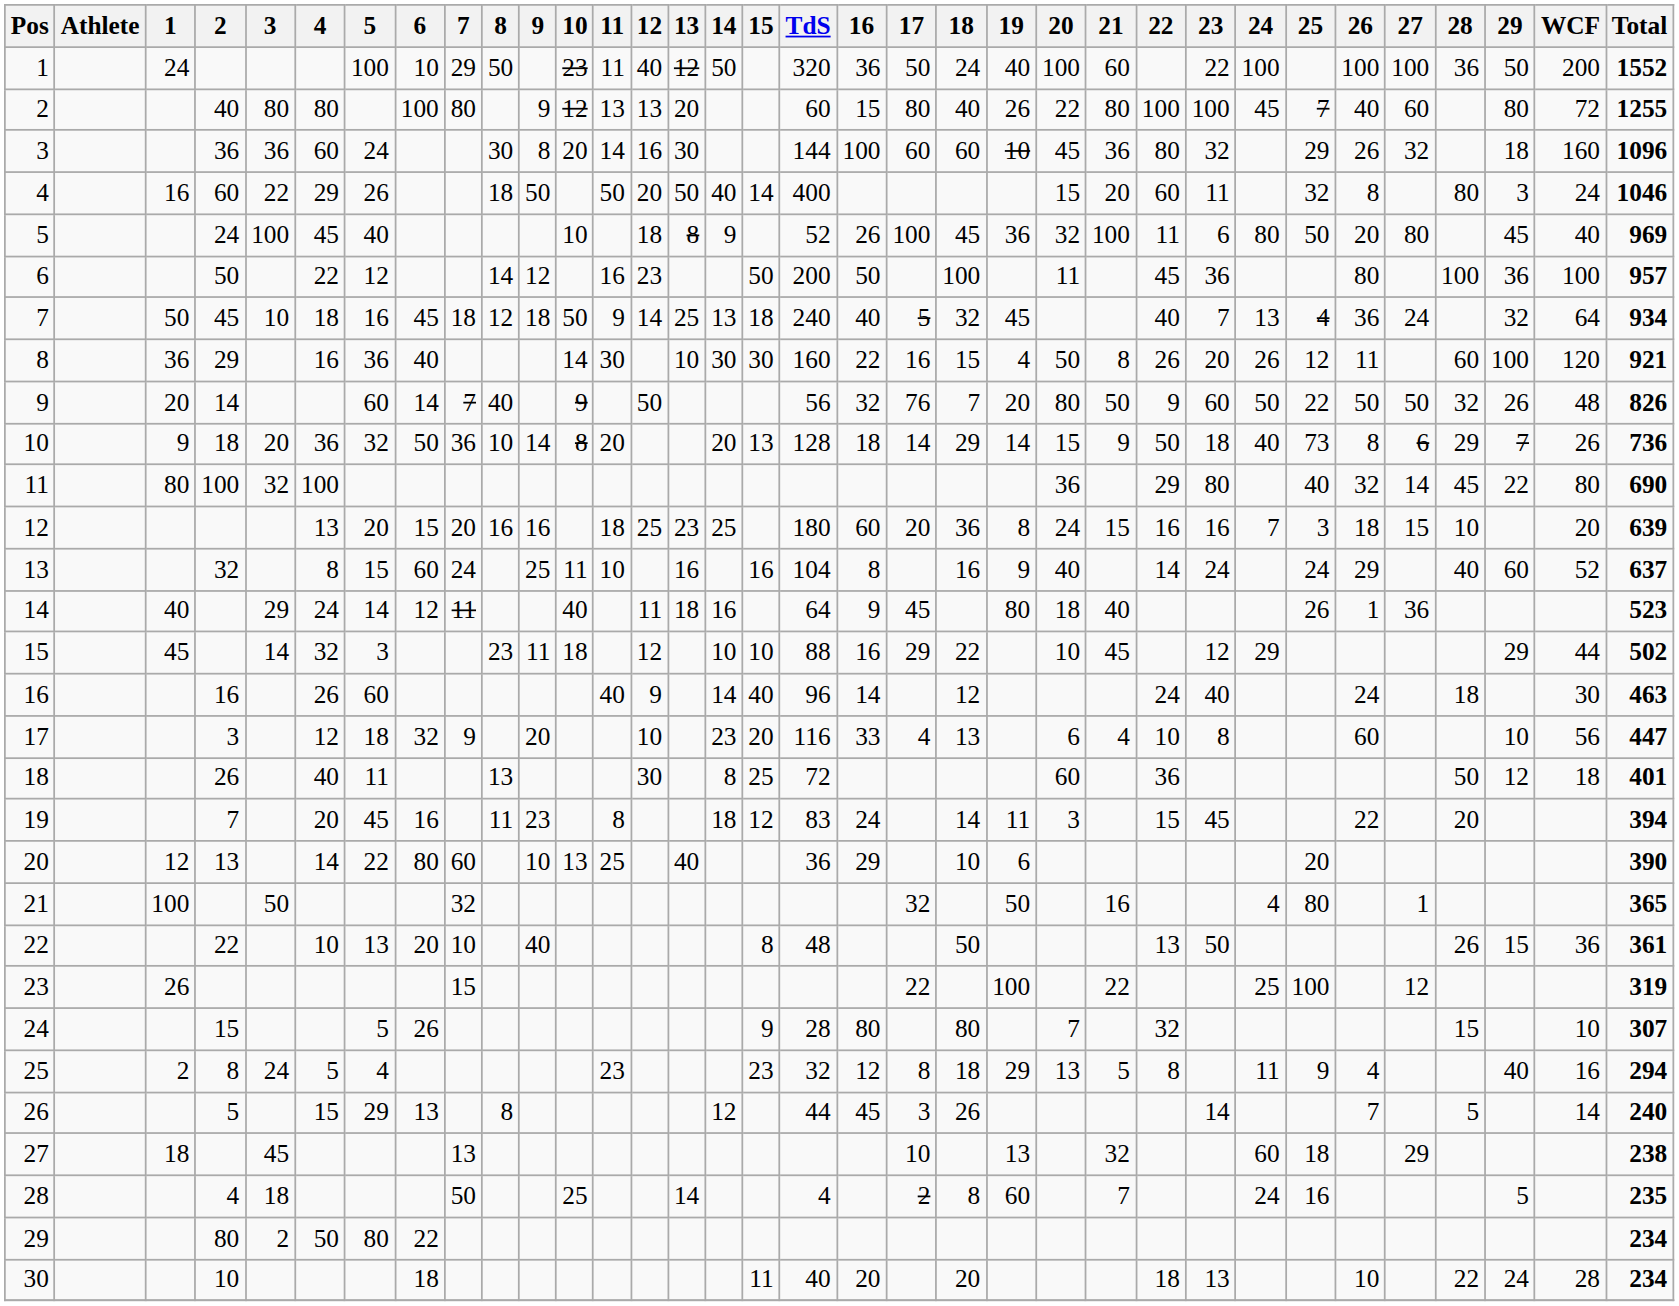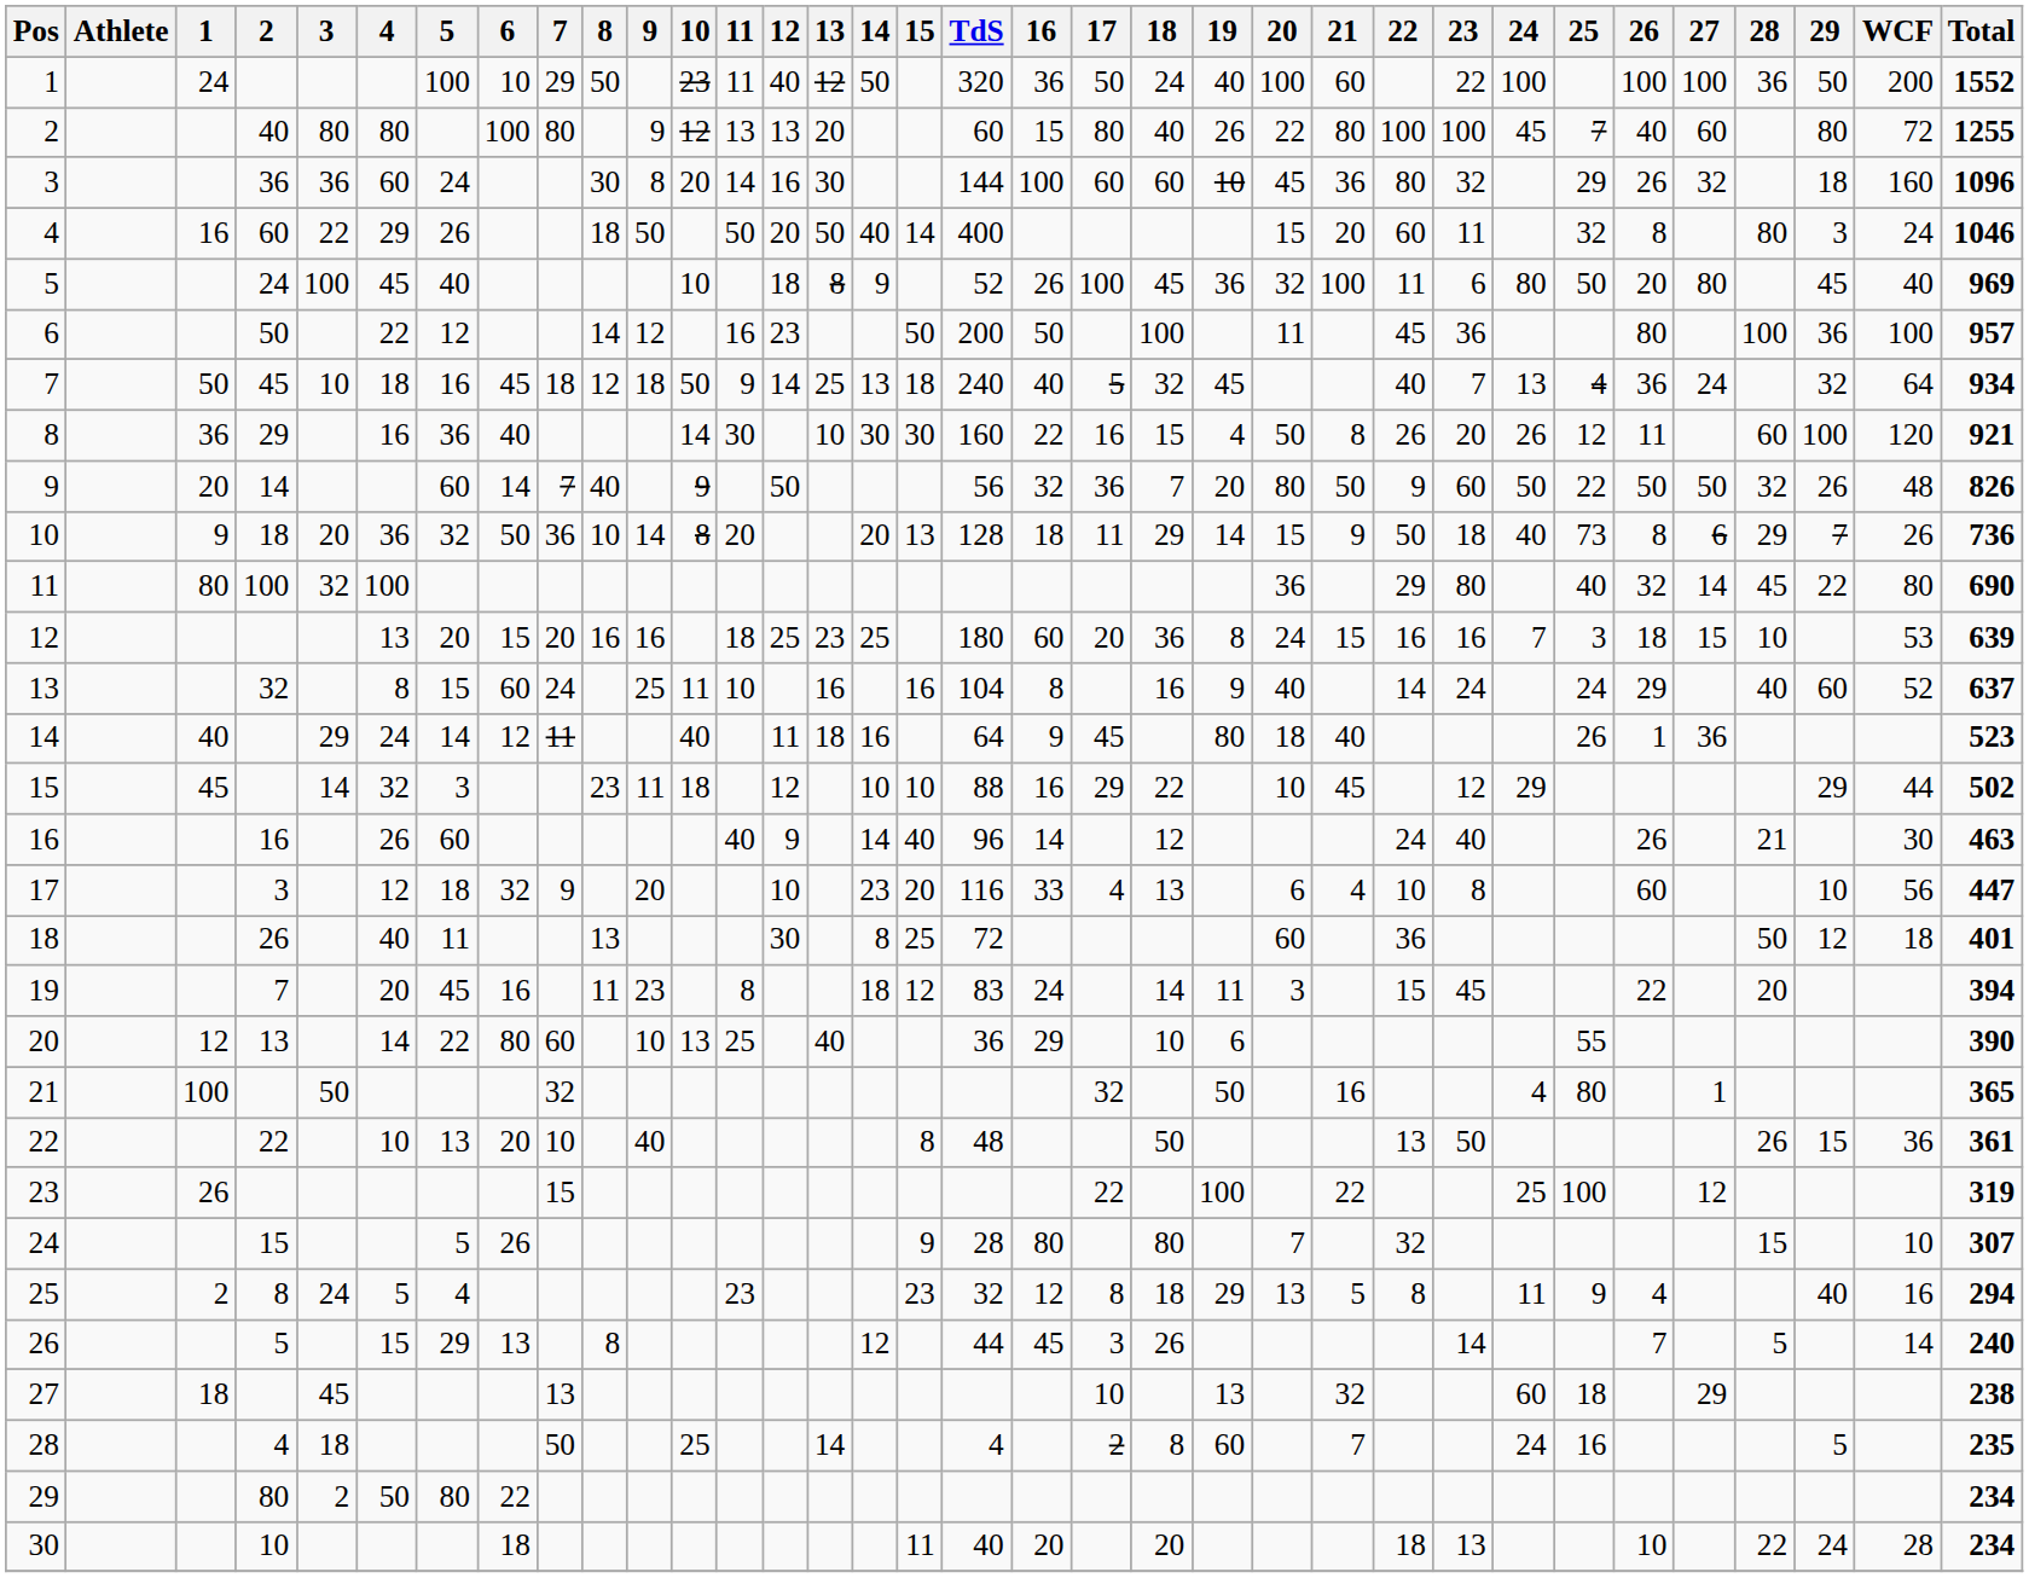 <table class="wikitable" style="font-size: 90%">
 <tr align="right">
 <th>Pos</th>
 <th>Athlete</th>
 <th>1</th>
 <th>2</th>
 <th>3</th>
 <th>4</th>
 <th>5</th>
 <th>6</th>
 <th>7</th>
 <th>8</th>
 <th>9</th>
 <th>10</th>
 <th>11</th>
 <th>12</th>
 <th>13</th>
 <th>14</th>
 <th>15</th>
 <th><a href='#'>TdS</a></th>
 <th>16</th>
 <th>17</th>
 <th>18</th>
 <th>19</th>
 <th>20</th>
 <th>21</th>
 <th>22</th>
 <th>23</th>
 <th>24</th>
 <th>25</th>
 <th>26</th>
 <th>27</th>
 <th>28</th>
 <th>29</th>
 <th>WCF</th>
 <th>Total</th>
 </tr>
 <tr align="right">
 <td>1</td>
 <td align="left"></td>
 <td>24</td>
 <td></td>
 <td></td>
 <td></td>
 <td>100</td>
 <td>10</td>
 <td>29</td>
 <td>50</td>
 <td></td>
 <td><s>23</s></td>
 <td>11</td>
 <td>40</td>
 <td><s>12</s></td>
 <td>50</td>
 <td></td>
 <td>320</td>
 <td>36</td>
 <td>50</td>
 <td>24</td>
 <td>40</td>
 <td>100</td>
 <td>60</td>
 <td></td>
 <td>22</td>
 <td>100</td>
 <td></td>
 <td>100</td>
 <td>100</td>
 <td>36</td>
 <td>50</td>
 <td>200</td>
 <td><strong>1552</strong></td>
 </tr>
 <tr align="right">
 <td>2</td>
 <td align="left"></td>
 <td></td>
 <td>40</td>
 <td>80</td>
 <td>80</td>
 <td></td>
 <td>100</td>
 <td>80</td>
 <td></td>
 <td>9</td>
 <td><s>12</s></td>
 <td>13</td>
 <td>13</td>
 <td>20</td>
 <td></td>
 <td></td>
 <td>60</td>
 <td>15</td>
 <td>80</td>
 <td>40</td>
 <td>26</td>
 <td>22</td>
 <td>80</td>
 <td>100</td>
 <td>100</td>
 <td>45</td>
 <td><s>7</s></td>
 <td>40</td>
 <td>60</td>
 <td></td>
 <td>80</td>
 <td>72</td>
 <td><strong>1255</strong></td>
 </tr>
 <tr align="right">
 <td>3</td>
 <td align="left"></td>
 <td></td>
 <td>36</td>
 <td>36</td>
 <td>60</td>
 <td>24</td>
 <td></td>
 <td></td>
 <td>30</td>
 <td>8</td>
 <td>20</td>
 <td>14</td>
 <td>16</td>
 <td>30</td>
 <td></td>
 <td></td>
 <td>144</td>
 <td>100</td>
 <td>60</td>
 <td>60</td>
 <td><s>10</s></td>
 <td>45</td>
 <td>36</td>
 <td>80</td>
 <td>32</td>
 <td></td>
 <td>29</td>
 <td>26</td>
 <td>32</td>
 <td></td>
 <td>18</td>
 <td>160</td>
 <td><strong>1096</strong></td>
 </tr>
 <tr align="right">
 <td>4</td>
 <td align="left"></td>
 <td>16</td>
 <td>60</td>
 <td>22</td>
 <td>29</td>
 <td>26</td>
 <td></td>
 <td></td>
 <td>18</td>
 <td>50</td>
 <td></td>
 <td>50</td>
 <td>20</td>
 <td>50</td>
 <td>40</td>
 <td>14</td>
 <td>400</td>
 <td></td>
 <td></td>
 <td></td>
 <td></td>
 <td>15</td>
 <td>20</td>
 <td>60</td>
 <td>11</td>
 <td></td>
 <td>32</td>
 <td>8</td>
 <td></td>
 <td>80</td>
 <td>3</td>
 <td>24</td>
 <td><strong>1046</strong></td>
 </tr>
 <tr align="right">
 <td>5</td>
 <td align="left"></td>
 <td></td>
 <td>24</td>
 <td>100</td>
 <td>45</td>
 <td>40</td>
 <td></td>
 <td></td>
 <td></td>
 <td></td>
 <td>10</td>
 <td></td>
 <td>18</td>
 <td><s>8</s></td>
 <td>9</td>
 <td></td>
 <td>52</td>
 <td>26</td>
 <td>100</td>
 <td>45</td>
 <td>36</td>
 <td>32</td>
 <td>100</td>
 <td>11</td>
 <td>6</td>
 <td>80</td>
 <td>50</td>
 <td>20</td>
 <td>80</td>
 <td></td>
 <td>45</td>
 <td>40</td>
 <td><strong>969</strong></td>
 </tr>
 <tr align="right">
 <td>6</td>
 <td align="left"></td>
 <td></td>
 <td>50</td>
 <td></td>
 <td>22</td>
 <td>12</td>
 <td></td>
 <td></td>
 <td>14</td>
 <td>12</td>
 <td></td>
 <td>16</td>
 <td>23</td>
 <td></td>
 <td></td>
 <td>50</td>
 <td>200</td>
 <td>50</td>
 <td></td>
 <td>100</td>
 <td></td>
 <td>11</td>
 <td></td>
 <td>45</td>
 <td>36</td>
 <td></td>
 <td></td>
 <td>80</td>
 <td></td>
 <td>100</td>
 <td>36</td>
 <td>100</td>
 <td><strong>957</strong></td>
 </tr>
 <tr align="right">
 <td>7</td>
 <td align="left"></td>
 <td>50</td>
 <td>45</td>
 <td>10</td>
 <td>18</td>
 <td>16</td>
 <td>45</td>
 <td>18</td>
 <td>12</td>
 <td>18</td>
 <td>50</td>
 <td>9</td>
 <td>14</td>
 <td>25</td>
 <td>13</td>
 <td>18</td>
 <td>240</td>
 <td>40</td>
 <td><s>5</s></td>
 <td>32</td>
 <td>45</td>
 <td></td>
 <td></td>
 <td>40</td>
 <td>7</td>
 <td>13</td>
 <td><s>4</s></td>
 <td>36</td>
 <td>24</td>
 <td></td>
 <td>32</td>
 <td>64</td>
 <td><strong>934</strong></td>
 </tr>
 <tr align="right">
 <td>8</td>
 <td align="left"></td>
 <td>36</td>
 <td>29</td>
 <td></td>
 <td>16</td>
 <td>36</td>
 <td>40</td>
 <td></td>
 <td></td>
 <td></td>
 <td>14</td>
 <td>30</td>
 <td></td>
 <td>10</td>
 <td>30</td>
 <td>30</td>
 <td>160</td>
 <td>22</td>
 <td>16</td>
 <td>15</td>
 <td>4</td>
 <td>50</td>
 <td>8</td>
 <td>26</td>
 <td>20</td>
 <td>26</td>
 <td>12</td>
 <td>11</td>
 <td></td>
 <td>60</td>
 <td>100</td>
 <td>120</td>
 <td><strong>921</strong></td>
 </tr>
 <tr align="right">
 <td>9</td>
 <td align="left"></td>
 <td>20</td>
 <td>14</td>
 <td></td>
 <td></td>
 <td>60</td>
 <td>14</td>
 <td><s>7</s></td>
 <td>40</td>
 <td></td>
 <td><s>9</s></td>
 <td></td>
 <td>50</td>
 <td></td>
 <td></td>
 <td></td>
 <td>56</td>
 <td>32</td>
-<td>76</td>
+<td>36</td>
 <td>7</td>
 <td>20</td>
 <td>80</td>
 <td>50</td>
 <td>9</td>
 <td>60</td>
 <td>50</td>
 <td>22</td>
 <td>50</td>
 <td>50</td>
 <td>32</td>
 <td>26</td>
 <td>48</td>
 <td><strong>826</strong></td>
 </tr>
 <tr align="right">
 <td>10</td>
 <td align="left"></td>
 <td>9</td>
 <td>18</td>
 <td>20</td>
 <td>36</td>
 <td>32</td>
 <td>50</td>
 <td>36</td>
 <td>10</td>
 <td>14</td>
 <td><s>8</s></td>
 <td>20</td>
 <td></td>
 <td></td>
 <td>20</td>
 <td>13</td>
 <td>128</td>
 <td>18</td>
-<td>14</td>
+<td>11</td>
 <td>29</td>
 <td>14</td>
 <td>15</td>
 <td>9</td>
 <td>50</td>
 <td>18</td>
 <td>40</td>
 <td>73</td>
 <td>8</td>
 <td><s>6</s></td>
 <td>29</td>
 <td><s>7</s></td>
 <td>26</td>
 <td><strong>736</strong></td>
 </tr>
 <tr align="right">
 <td>11</td>
 <td align="left"></td>
 <td>80</td>
 <td>100</td>
 <td>32</td>
 <td>100</td>
 <td></td>
 <td></td>
 <td></td>
 <td></td>
 <td></td>
 <td></td>
 <td></td>
 <td></td>
 <td></td>
 <td></td>
 <td></td>
 <td></td>
 <td></td>
 <td></td>
 <td></td>
 <td></td>
 <td>36</td>
 <td></td>
 <td>29</td>
 <td>80</td>
 <td></td>
 <td>40</td>
 <td>32</td>
 <td>14</td>
 <td>45</td>
 <td>22</td>
 <td>80</td>
 <td><strong>690</strong></td>
 </tr>
 <tr align="right">
 <td>12</td>
 <td align="left"></td>
 <td></td>
 <td></td>
 <td></td>
 <td>13</td>
 <td>20</td>
 <td>15</td>
 <td>20</td>
 <td>16</td>
 <td>16</td>
 <td></td>
 <td>18</td>
 <td>25</td>
 <td>23</td>
 <td>25</td>
 <td></td>
 <td>180</td>
 <td>60</td>
 <td>20</td>
 <td>36</td>
 <td>8</td>
 <td>24</td>
 <td>15</td>
 <td>16</td>
 <td>16</td>
 <td>7</td>
 <td>3</td>
 <td>18</td>
 <td>15</td>
 <td>10</td>
 <td></td>
-<td>20</td>
+<td>53</td>
 <td><strong>639</strong></td>
 </tr>
 <tr align="right">
 <td>13</td>
 <td align="left"></td>
 <td></td>
 <td>32</td>
 <td></td>
 <td>8</td>
 <td>15</td>
 <td>60</td>
 <td>24</td>
 <td></td>
 <td>25</td>
 <td>11</td>
 <td>10</td>
 <td></td>
 <td>16</td>
 <td></td>
 <td>16</td>
 <td>104</td>
 <td>8</td>
 <td></td>
 <td>16</td>
 <td>9</td>
 <td>40</td>
 <td></td>
 <td>14</td>
 <td>24</td>
 <td></td>
 <td>24</td>
 <td>29</td>
 <td></td>
 <td>40</td>
 <td>60</td>
 <td>52</td>
 <td><strong>637</strong></td>
 </tr>
 <tr align="right">
 <td>14</td>
 <td align="left"></td>
 <td>40</td>
 <td></td>
 <td>29</td>
 <td>24</td>
 <td>14</td>
 <td>12</td>
 <td><s>11</s></td>
 <td></td>
 <td></td>
 <td>40</td>
 <td></td>
 <td>11</td>
 <td>18</td>
 <td>16</td>
 <td></td>
 <td>64</td>
 <td>9</td>
 <td>45</td>
 <td></td>
 <td>80</td>
 <td>18</td>
 <td>40</td>
 <td></td>
 <td></td>
 <td></td>
 <td>26</td>
 <td>1</td>
 <td>36</td>
 <td></td>
 <td></td>
 <td></td>
 <td><strong>523</strong></td>
 </tr>
 <tr align="right">
 <td>15</td>
 <td align="left"></td>
 <td>45</td>
 <td></td>
 <td>14</td>
 <td>32</td>
 <td>3</td>
 <td></td>
 <td></td>
 <td>23</td>
 <td>11</td>
 <td>18</td>
 <td></td>
 <td>12</td>
 <td></td>
 <td>10</td>
 <td>10</td>
 <td>88</td>
 <td>16</td>
 <td>29</td>
 <td>22</td>
 <td></td>
 <td>10</td>
 <td>45</td>
 <td></td>
 <td>12</td>
 <td>29</td>
 <td></td>
 <td></td>
 <td></td>
 <td></td>
 <td>29</td>
 <td>44</td>
 <td><strong>502</strong></td>
 </tr>
 <tr align="right">
 <td>16</td>
 <td align="left"></td>
 <td></td>
 <td>16</td>
 <td></td>
 <td>26</td>
 <td>60</td>
 <td></td>
 <td></td>
 <td></td>
 <td></td>
 <td></td>
 <td>40</td>
 <td>9</td>
 <td></td>
 <td>14</td>
 <td>40</td>
 <td>96</td>
 <td>14</td>
 <td></td>
 <td>12</td>
 <td></td>
 <td></td>
 <td></td>
 <td>24</td>
 <td>40</td>
 <td></td>
 <td></td>
-<td>24</td>
+<td>26</td>
 <td></td>
-<td>18</td>
+<td>21</td>
 <td></td>
 <td>30</td>
 <td><strong>463</strong></td>
 </tr>
 <tr align="right">
 <td>17</td>
 <td align="left"></td>
 <td></td>
 <td>3</td>
 <td></td>
 <td>12</td>
 <td>18</td>
 <td>32</td>
 <td>9</td>
 <td></td>
 <td>20</td>
 <td></td>
 <td></td>
 <td>10</td>
 <td></td>
 <td>23</td>
 <td>20</td>
 <td>116</td>
 <td>33</td>
 <td>4</td>
 <td>13</td>
 <td></td>
 <td>6</td>
 <td>4</td>
 <td>10</td>
 <td>8</td>
 <td></td>
 <td></td>
 <td>60</td>
 <td></td>
 <td></td>
 <td>10</td>
 <td>56</td>
 <td><strong>447</strong></td>
 </tr>
 <tr align="right">
 <td>18</td>
 <td align="left"></td>
 <td></td>
 <td>26</td>
 <td></td>
 <td>40</td>
 <td>11</td>
 <td></td>
 <td></td>
 <td>13</td>
 <td></td>
 <td></td>
 <td></td>
 <td>30</td>
 <td></td>
 <td>8</td>
 <td>25</td>
 <td>72</td>
 <td></td>
 <td></td>
 <td></td>
 <td></td>
 <td>60</td>
 <td></td>
 <td>36</td>
 <td></td>
 <td></td>
 <td></td>
 <td></td>
 <td></td>
 <td>50</td>
 <td>12</td>
 <td>18</td>
 <td><strong>401</strong></td>
 </tr>
 <tr align="right">
 <td>19</td>
 <td align="left"></td>
 <td></td>
 <td>7</td>
 <td></td>
 <td>20</td>
 <td>45</td>
 <td>16</td>
 <td></td>
 <td>11</td>
 <td>23</td>
 <td></td>
 <td>8</td>
 <td></td>
 <td></td>
 <td>18</td>
 <td>12</td>
 <td>83</td>
 <td>24</td>
 <td></td>
 <td>14</td>
 <td>11</td>
 <td>3</td>
 <td></td>
 <td>15</td>
 <td>45</td>
 <td></td>
 <td></td>
 <td>22</td>
 <td></td>
 <td>20</td>
 <td></td>
 <td></td>
 <td><strong>394</strong></td>
 </tr>
 <tr align="right">
 <td>20</td>
 <td align="left"></td>
 <td>12</td>
 <td>13</td>
 <td></td>
 <td>14</td>
 <td>22</td>
 <td>80</td>
 <td>60</td>
 <td></td>
 <td>10</td>
 <td>13</td>
 <td>25</td>
 <td></td>
 <td>40</td>
 <td></td>
 <td></td>
 <td>36</td>
 <td>29</td>
 <td></td>
 <td>10</td>
 <td>6</td>
 <td></td>
 <td></td>
 <td></td>
 <td></td>
 <td></td>
-<td>20</td>
+<td>55</td>
 <td></td>
 <td></td>
 <td></td>
 <td></td>
 <td></td>
 <td><strong>390</strong></td>
 </tr>
 <tr align="right">
 <td>21</td>
 <td align="left"></td>
 <td>100</td>
 <td></td>
 <td>50</td>
 <td></td>
 <td></td>
 <td></td>
 <td>32</td>
 <td></td>
 <td></td>
 <td></td>
 <td></td>
 <td></td>
 <td></td>
 <td></td>
 <td></td>
 <td></td>
 <td></td>
 <td>32</td>
 <td></td>
 <td>50</td>
 <td></td>
 <td>16</td>
 <td></td>
 <td></td>
 <td>4</td>
 <td>80</td>
 <td></td>
 <td>1</td>
 <td></td>
 <td></td>
 <td></td>
 <td><strong>365</strong></td>
 </tr>
 <tr align="right">
 <td>22</td>
 <td align="left"></td>
 <td></td>
 <td>22</td>
 <td></td>
 <td>10</td>
 <td>13</td>
 <td>20</td>
 <td>10</td>
 <td></td>
 <td>40</td>
 <td></td>
 <td></td>
 <td></td>
 <td></td>
 <td></td>
 <td>8</td>
 <td>48</td>
 <td></td>
 <td></td>
 <td>50</td>
 <td></td>
 <td></td>
 <td></td>
 <td>13</td>
 <td>50</td>
 <td></td>
 <td></td>
 <td></td>
 <td></td>
 <td>26</td>
 <td>15</td>
 <td>36</td>
 <td><strong>361</strong></td>
 </tr>
 <tr align="right">
 <td>23</td>
 <td align="left"></td>
 <td>26</td>
 <td></td>
 <td></td>
 <td></td>
 <td></td>
 <td></td>
 <td>15</td>
 <td></td>
 <td></td>
 <td></td>
 <td></td>
 <td></td>
 <td></td>
 <td></td>
 <td></td>
 <td></td>
 <td></td>
 <td>22</td>
 <td></td>
 <td>100</td>
 <td></td>
 <td>22</td>
 <td></td>
 <td></td>
 <td>25</td>
 <td>100</td>
 <td></td>
 <td>12</td>
 <td></td>
 <td></td>
 <td></td>
 <td><strong>319</strong></td>
 </tr>
 <tr align="right">
 <td>24</td>
 <td align="left"></td>
 <td></td>
 <td>15</td>
 <td></td>
 <td></td>
 <td>5</td>
 <td>26</td>
 <td></td>
 <td></td>
 <td></td>
 <td></td>
 <td></td>
 <td></td>
 <td></td>
 <td></td>
 <td>9</td>
 <td>28</td>
 <td>80</td>
 <td></td>
 <td>80</td>
 <td></td>
 <td>7</td>
 <td></td>
 <td>32</td>
 <td></td>
 <td></td>
 <td></td>
 <td></td>
 <td></td>
 <td>15</td>
 <td></td>
 <td>10</td>
 <td><strong>307</strong></td>
 </tr>
 <tr align="right">
 <td>25</td>
 <td align="left"></td>
 <td>2</td>
 <td>8</td>
 <td>24</td>
 <td>5</td>
 <td>4</td>
 <td></td>
 <td></td>
 <td></td>
 <td></td>
 <td></td>
 <td>23</td>
 <td></td>
 <td></td>
 <td></td>
 <td>23</td>
 <td>32</td>
 <td>12</td>
 <td>8</td>
 <td>18</td>
 <td>29</td>
 <td>13</td>
 <td>5</td>
 <td>8</td>
 <td></td>
 <td>11</td>
 <td>9</td>
 <td>4</td>
 <td></td>
 <td></td>
 <td>40</td>
 <td>16</td>
 <td><strong>294</strong></td>
 </tr>
 <tr align="right">
 <td>26</td>
 <td align="left"></td>
 <td></td>
 <td>5</td>
 <td></td>
 <td>15</td>
 <td>29</td>
 <td>13</td>
 <td></td>
 <td>8</td>
 <td></td>
 <td></td>
 <td></td>
 <td></td>
 <td></td>
 <td>12</td>
 <td></td>
 <td>44</td>
 <td>45</td>
 <td>3</td>
 <td>26</td>
 <td></td>
 <td></td>
 <td></td>
 <td></td>
 <td>14</td>
 <td></td>
 <td></td>
 <td>7</td>
 <td></td>
 <td>5</td>
 <td></td>
 <td>14</td>
 <td><strong>240</strong></td>
 </tr>
 <tr align="right">
 <td>27</td>
 <td align="left"></td>
 <td>18</td>
 <td></td>
 <td>45</td>
 <td></td>
 <td></td>
 <td></td>
 <td>13</td>
 <td></td>
 <td></td>
 <td></td>
 <td></td>
 <td></td>
 <td></td>
 <td></td>
 <td></td>
 <td></td>
 <td></td>
 <td>10</td>
 <td></td>
 <td>13</td>
 <td></td>
 <td>32</td>
 <td></td>
 <td></td>
 <td>60</td>
 <td>18</td>
 <td></td>
 <td>29</td>
 <td></td>
 <td></td>
 <td></td>
 <td><strong>238</strong></td>
 </tr>
 <tr align="right">
 <td>28</td>
 <td align="left"></td>
 <td></td>
 <td>4</td>
 <td>18</td>
 <td></td>
 <td></td>
 <td></td>
 <td>50</td>
 <td></td>
 <td></td>
 <td>25</td>
 <td></td>
 <td></td>
 <td>14</td>
 <td></td>
 <td></td>
 <td>4</td>
 <td></td>
 <td><s>2</s></td>
 <td>8</td>
 <td>60</td>
 <td></td>
 <td>7</td>
 <td></td>
 <td></td>
 <td>24</td>
 <td>16</td>
 <td></td>
 <td></td>
 <td></td>
 <td>5</td>
 <td></td>
 <td><strong>235</strong></td>
 </tr>
 <tr align="right">
 <td>29</td>
 <td align="left"></td>
 <td></td>
 <td>80</td>
 <td>2</td>
 <td>50</td>
 <td>80</td>
 <td>22</td>
 <td></td>
 <td></td>
 <td></td>
 <td></td>
 <td></td>
 <td></td>
 <td></td>
 <td></td>
 <td></td>
 <td></td>
 <td></td>
 <td></td>
 <td></td>
 <td></td>
 <td></td>
 <td></td>
 <td></td>
 <td></td>
 <td></td>
 <td></td>
 <td></td>
 <td></td>
 <td></td>
 <td></td>
 <td></td>
 <td><strong>234</strong></td>
 </tr>
 <tr align="right">
 <td>30</td>
 <td align="left"></td>
 <td></td>
 <td>10</td>
 <td></td>
 <td></td>
 <td></td>
 <td>18</td>
 <td></td>
 <td></td>
 <td></td>
 <td></td>
 <td></td>
 <td></td>
 <td></td>
 <td></td>
 <td>11</td>
 <td>40</td>
 <td>20</td>
 <td></td>
 <td>20</td>
 <td></td>
 <td></td>
 <td></td>
 <td>18</td>
 <td>13</td>
 <td></td>
 <td></td>
 <td>10</td>
 <td></td>
 <td>22</td>
 <td>24</td>
 <td>28</td>
 <td><strong>234</strong><br></td>
 </tr>
 <tr>
 </tr>
 </table>
